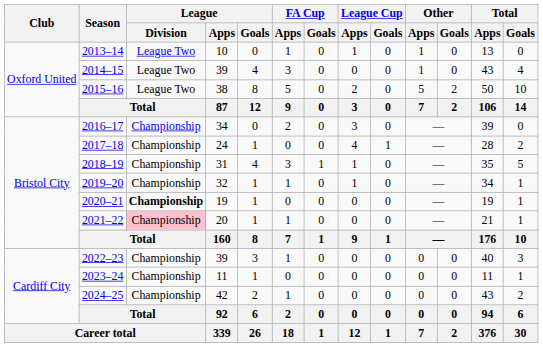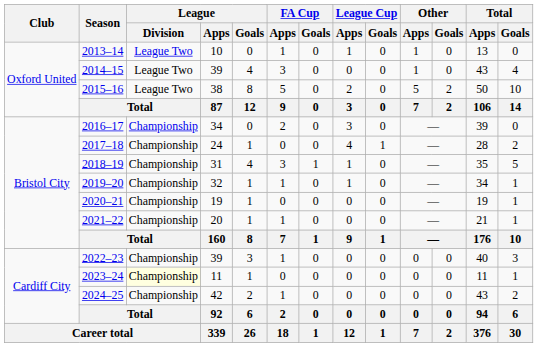 <table class=wikitable style="text-align: center;">
 <tr>
 <th rowspan="2">Club</th>
 <th rowspan="2">Season</th>
 <th colspan="3">League</th>
 <th colspan="2"><a href='#'>FA Cup</a></th>
 <th colspan="2"><a href='#'>League Cup</a></th>
 <th colspan="2">Other</th>
 <th colspan="2">Total</th>
 </tr>
 <tr>
 <th>Division</th>
 <th>Apps</th>
 <th>Goals</th>
 <th>Apps</th>
 <th>Goals</th>
 <th>Apps</th>
 <th>Goals</th>
 <th>Apps</th>
 <th>Goals</th>
 <th>Apps</th>
 <th>Goals</th>
 </tr>
 <tr>
 <td rowspan="4"><a href='#'>Oxford United</a></td>
 <td><a href='#'>2013–14</a></td>
 <td><a href='#'>League Two</a></td>
 <td>10</td>
 <td>0</td>
 <td>1</td>
 <td>0</td>
 <td>1</td>
 <td>0</td>
 <td>1</td>
 <td>0</td>
 <td>13</td>
 <td>0</td>
 </tr>
 <tr>
 <td><a href='#'>2014–15</a></td>
 <td>League Two</td>
 <td>39</td>
 <td>4</td>
 <td>3</td>
 <td>0</td>
 <td>0</td>
 <td>0</td>
 <td>1</td>
 <td>0</td>
 <td>43</td>
 <td>4</td>
 </tr>
 <tr>
 <td><a href='#'>2015–16</a></td>
 <td>League Two</td>
 <td>38</td>
 <td>8</td>
 <td>5</td>
 <td>0</td>
 <td>2</td>
 <td>0</td>
 <td>5</td>
 <td>2</td>
 <td>50</td>
 <td>10</td>
 </tr>
 <tr>
 <th colspan="2">Total</th>
 <th>87</th>
 <th>12</th>
 <th>9</th>
 <th>0</th>
 <th>3</th>
 <th>0</th>
 <th>7</th>
 <th>2</th>
 <th>106</th>
 <th>14</th>
 </tr>
 <tr>
 <td rowspan="7"><a href='#'>Bristol City</a></td>
 <td><a href='#'>2016–17</a></td>
 <td><a href='#'>Championship</a></td>
 <td>34</td>
 <td>0</td>
 <td>2</td>
 <td>0</td>
 <td>3</td>
 <td>0</td>
 <td colspan="2">—</td>
 <td>39</td>
 <td>0</td>
 </tr>
 <tr>
 <td><a href='#'>2017–18</a></td>
 <td>Championship</td>
 <td>24</td>
 <td>1</td>
 <td>0</td>
 <td>0</td>
 <td>4</td>
 <td>1</td>
 <td colspan="2">—</td>
 <td>28</td>
 <td>2</td>
 </tr>
 <tr>
 <td><a href='#'>2018–19</a></td>
 <td>Championship</td>
 <td>31</td>
 <td>4</td>
 <td>3</td>
 <td>1</td>
 <td>1</td>
 <td>0</td>
 <td colspan="2">—</td>
 <td>35</td>
 <td>5</td>
 </tr>
 <tr>
 <td><a href='#'>2019–20</a></td>
 <td>Championship</td>
 <td>32</td>
 <td>1</td>
 <td>1</td>
 <td>0</td>
 <td>1</td>
 <td>0</td>
 <td colspan="2">—</td>
 <td>34</td>
 <td>1</td>
 </tr>
 <tr>
 <td><a href='#'>2020–21</a></td>
-<td><strong>Championship</strong></td>
+<td>Championship</td>
 <td>19</td>
 <td>1</td>
 <td>0</td>
 <td>0</td>
 <td>0</td>
 <td>0</td>
 <td colspan="2">—</td>
 <td>19</td>
 <td>1</td>
 </tr>
 <tr>
 <td><a href='#'>2021–22</a></td>
-<td style="background: pink;">Championship</td>
+<td>Championship</td>
 <td>20</td>
 <td>1</td>
 <td>1</td>
 <td>0</td>
 <td>0</td>
 <td>0</td>
 <td colspan="2">—</td>
 <td>21</td>
 <td>1</td>
 </tr>
 <tr>
 <th colspan="2">Total</th>
 <th>160</th>
 <th>8</th>
 <th>7</th>
 <th>1</th>
 <th>9</th>
 <th>1</th>
 <th colspan="2">—</th>
 <th>176</th>
 <th>10</th>
 </tr>
 <tr>
 <td rowspan="4"><a href='#'>Cardiff City</a></td>
 <td><a href='#'>2022–23</a></td>
 <td>Championship</td>
 <td>39</td>
 <td>3</td>
 <td>1</td>
 <td>0</td>
 <td>0</td>
 <td>0</td>
 <td>0</td>
 <td>0</td>
 <td>40</td>
 <td>3</td>
 </tr>
 <tr>
 <td><a href='#'>2023–24</a></td>
-<td>Championship</td>
+<td style="background: lightyellow;">Championship</td>
 <td>11</td>
 <td>1</td>
 <td>0</td>
 <td>0</td>
 <td>0</td>
 <td>0</td>
 <td>0</td>
 <td>0</td>
 <td>11</td>
 <td>1</td>
 </tr>
 <tr>
 <td><a href='#'>2024–25</a></td>
 <td>Championship</td>
 <td>42</td>
 <td>2</td>
 <td>1</td>
 <td>0</td>
 <td>0</td>
 <td>0</td>
 <td>0</td>
 <td>0</td>
 <td>43</td>
 <td>2</td>
 </tr>
 <tr>
 <th colspan="2">Total</th>
 <th>92</th>
 <th>6</th>
 <th>2</th>
 <th>0</th>
 <th>0</th>
 <th>0</th>
 <th>0</th>
 <th>0</th>
 <th>94</th>
 <th>6</th>
 </tr>
 <tr>
 <th colspan="3">Career total</th>
 <th>339</th>
 <th>26</th>
 <th>18</th>
 <th>1</th>
 <th>12</th>
 <th>1</th>
 <th>7</th>
 <th>2</th>
 <th>376</th>
 <th>30</th>
 </tr>
 </table>
